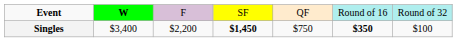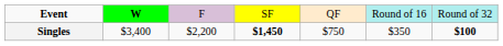 <table class=wikitable style=font-size:95%;text-align:center>
 <tr>
 <td style="width:130px"><strong>Event</strong></td>
 <td style="width:85px; background:lime"><strong>W</strong></td>
 <td style="width:85px; background:thistle">F</td>
 <td style="width:85px; background:#ffff00">SF</td>
 <td style="width:85px; background:#ffebcd">QF</td>
 <td style="width:85px; background:#afeeee">Round of 16</td>
 <td style="width:85px; background:#afeeee">Round of 32</td>
 </tr>
 <tr>
 <th style=background:#f3f3f3>Singles </th>
 <td>$3,400</td>
 <td>$2,200</td>
 <td><strong>$1,450</strong></td>
 <td>$750</td>
-<td><strong>$350</strong></td>
-<td>$100</td>
+<td>$350</td>
+<td><strong>$100</strong></td>
 </tr>
 </table>
